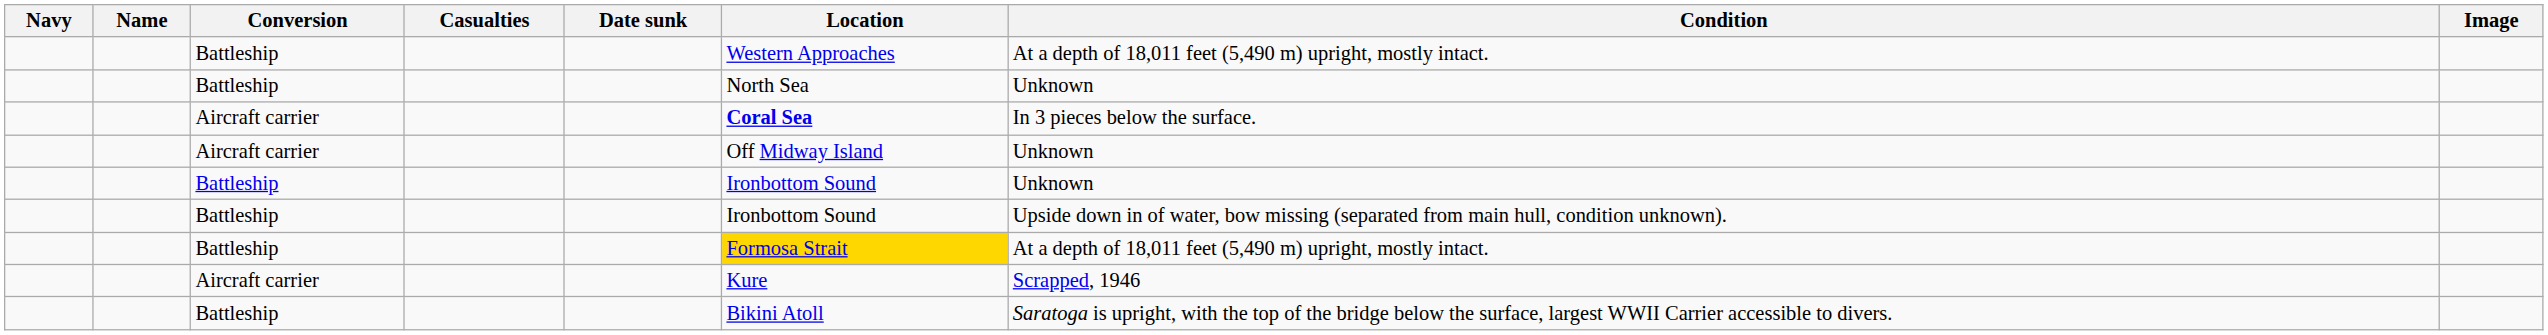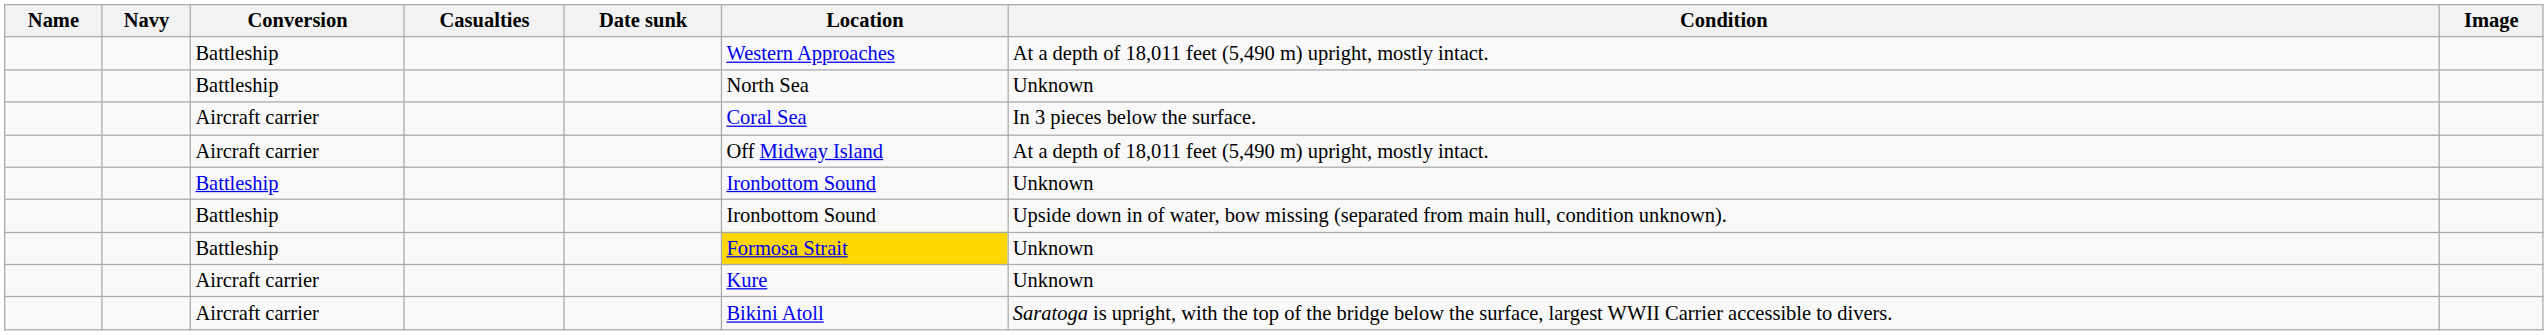 <table class="wikitable sortable" style="width:100%;">
 <tr>
+<th scope="col">Name</th>
 <th scope="col">Navy</th>
-<th scope="col">Name</th>
 <th scope="col">Conversion</th>
 <th scope="col">Casualties</th>
 <th scope="col">Date sunk</th>
 <th scope="col">Location</th>
 <th scope="col">Condition</th>
 <th scope="col" class="unsortable">Image</th>
 </tr>
 <tr>
 <td></td>
 <td></td>
 <td>Battleship</td>
 <td></td>
 <td></td>
 <td><a href='#'>Western Approaches</a></td>
 <td>At a depth of 18,011 feet (5,490 m) upright, mostly intact.</td>
 <td></td>
 </tr>
 <tr>
 <td></td>
 <td></td>
 <td>Battleship</td>
 <td></td>
 <td></td>
 <td>North Sea</td>
 <td>Unknown</td>
 <td></td>
 </tr>
 <tr>
 <td></td>
 <td></td>
 <td>Aircraft carrier</td>
 <td></td>
 <td></td>
-<td><strong><a href='#'>Coral Sea</a></strong></td>
+<td><a href='#'>Coral Sea</a></td>
 <td>In 3 pieces  below the surface.</td>
 <td></td>
 </tr>
 <tr>
 <td></td>
 <td></td>
 <td>Aircraft carrier</td>
 <td></td>
 <td></td>
 <td>Off <a href='#'>Midway Island</a></td>
-<td>Unknown</td>
+<td>At a depth of 18,011 feet (5,490 m) upright, mostly intact.</td>
 <td></td>
 </tr>
 <tr>
 <td></td>
 <td></td>
 <td><a href='#'>Battleship</a></td>
 <td></td>
 <td></td>
 <td><a href='#'>Ironbottom Sound</a></td>
 <td>Unknown</td>
 <td></td>
 </tr>
 <tr>
 <td></td>
 <td></td>
 <td>Battleship</td>
 <td></td>
 <td></td>
 <td>Ironbottom Sound</td>
 <td>Upside down in  of water, bow missing (separated from main hull, condition unknown).</td>
 <td></td>
 </tr>
 <tr>
 <td></td>
 <td></td>
 <td>Battleship</td>
 <td></td>
 <td></td>
 <td style="background: gold;"><a href='#'>Formosa Strait</a></td>
-<td>At a depth of 18,011 feet (5,490 m) upright, mostly intact.</td>
+<td>Unknown</td>
 <td></td>
 </tr>
 <tr>
 <td></td>
 <td></td>
 <td>Aircraft carrier</td>
 <td></td>
 <td></td>
 <td><a href='#'>Kure</a></td>
-<td><a href='#'>Scrapped</a>, 1946</td>
+<td>Unknown</td>
 <td></td>
 </tr>
 <tr>
 <td></td>
 <td></td>
-<td>Battleship</td>
+<td>Aircraft carrier</td>
 <td></td>
 <td></td>
 <td><a href='#'>Bikini Atoll</a></td>
 <td><em>Saratoga</em> is upright, with the top of the bridge  below the surface, largest WWII Carrier accessible to divers.</td>
 <td></td>
 </tr>
 </table>
